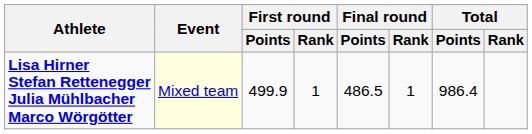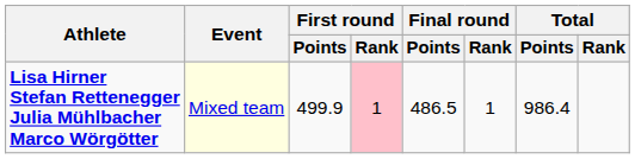 <table class="wikitable" style="font-size:90%; text-align:center;">
 <tr>
 <th rowspan=2>Athlete</th>
 <th rowspan=2>Event</th>
 <th colspan=2>First round</th>
 <th colspan=2>Final round</th>
 <th colspan=2>Total</th>
 </tr>
 <tr style="font-size:95%">
 <th>Points</th>
 <th>Rank</th>
 <th>Points</th>
 <th>Rank</th>
 <th>Points</th>
 <th>Rank</th>
 </tr>
 <tr>
 <td align=left><strong><a href='#'>Lisa Hirner</a><br><a href='#'>Stefan Rettenegger</a><br><a href='#'>Julia Mühlbacher</a><br><a href='#'>Marco Wörgötter</a></strong></td>
 <td align=left style="background: lightyellow;"><a href='#'>Mixed team</a></td>
 <td>499.9</td>
-<td>1</td>
+<td style="background: pink;">1</td>
 <td>486.5</td>
 <td>1</td>
 <td>986.4</td>
 <td><strong></strong></td>
 </tr>
 </table>
